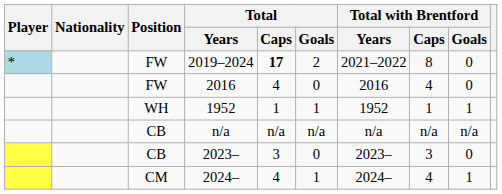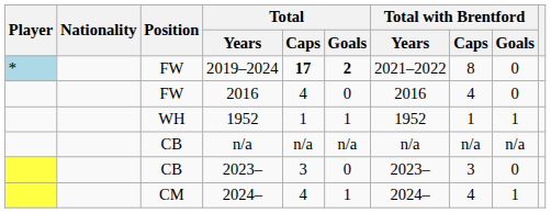 <table style="text-align:center" class="wikitable sortable">
 <tr>
 <th rowspan="2">Player</th>
 <th rowspan="2">Nationality</th>
 <th rowspan="2">Position</th>
 <th colspan="3">Total</th>
 <th colspan="3">Total with Brentford</th>
 <th rowspan="2"></th>
 </tr>
 <tr>
 <th>Years</th>
 <th>Caps</th>
 <th>Goals</th>
 <th>Years</th>
 <th>Caps</th>
 <th>Goals</th>
 </tr>
 <tr>
 <td style="text-align:left; background:lightblue;"> *</td>
 <td style="text-align:left;"></td>
 <td>FW</td>
 <td>2019–2024</td>
 <td><strong>17</strong></td>
-<td>2</td>
+<td><strong>2</strong></td>
 <td>2021–2022</td>
 <td>8</td>
 <td>0</td>
 <td></td>
 </tr>
 <tr>
 <td style="text-align:left;"></td>
 <td style="text-align:left;"></td>
 <td>FW</td>
 <td>2016</td>
 <td>4</td>
 <td>0</td>
 <td>2016</td>
 <td>4</td>
 <td>0</td>
 <td></td>
 </tr>
 <tr>
 <td style="text-align:left;"></td>
 <td style="text-align:left;"></td>
 <td>WH</td>
 <td>1952</td>
 <td>1</td>
 <td>1</td>
 <td>1952</td>
 <td>1</td>
 <td>1</td>
 <td></td>
 </tr>
 <tr>
 <td style="text-align:left;"></td>
 <td style="text-align:left;"></td>
 <td>CB</td>
 <td>n/a</td>
 <td>n/a</td>
 <td>n/a</td>
 <td>n/a</td>
 <td>n/a</td>
 <td>n/a</td>
 <td></td>
 </tr>
 <tr>
 <td style="text-align:left; background:#ff4;"> </td>
 <td style="text-align:left;"></td>
 <td>CB</td>
 <td>2023–</td>
 <td>3</td>
 <td>0</td>
 <td>2023–</td>
 <td>3</td>
 <td>0</td>
 <td></td>
 </tr>
 <tr>
 <td style="text-align:left; background:#ff4;"> </td>
 <td style="text-align:left;"></td>
 <td>CM</td>
 <td>2024–</td>
 <td>4</td>
 <td>1</td>
 <td>2024–</td>
 <td>4</td>
 <td>1</td>
 <td></td>
 </tr>
 </table>
